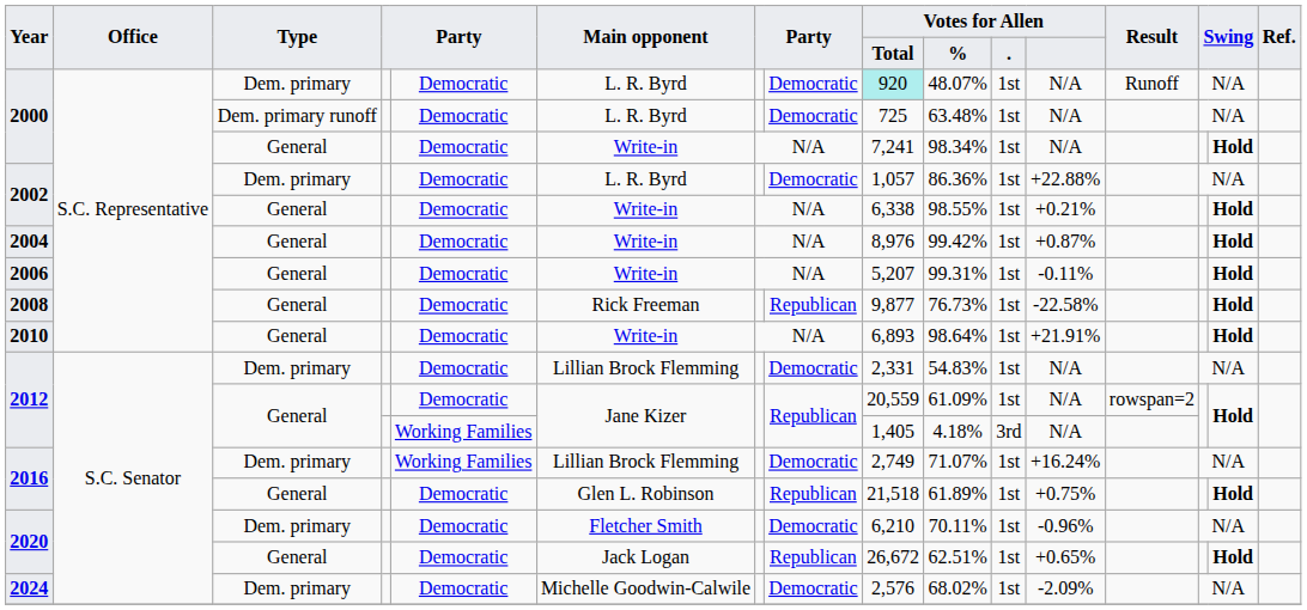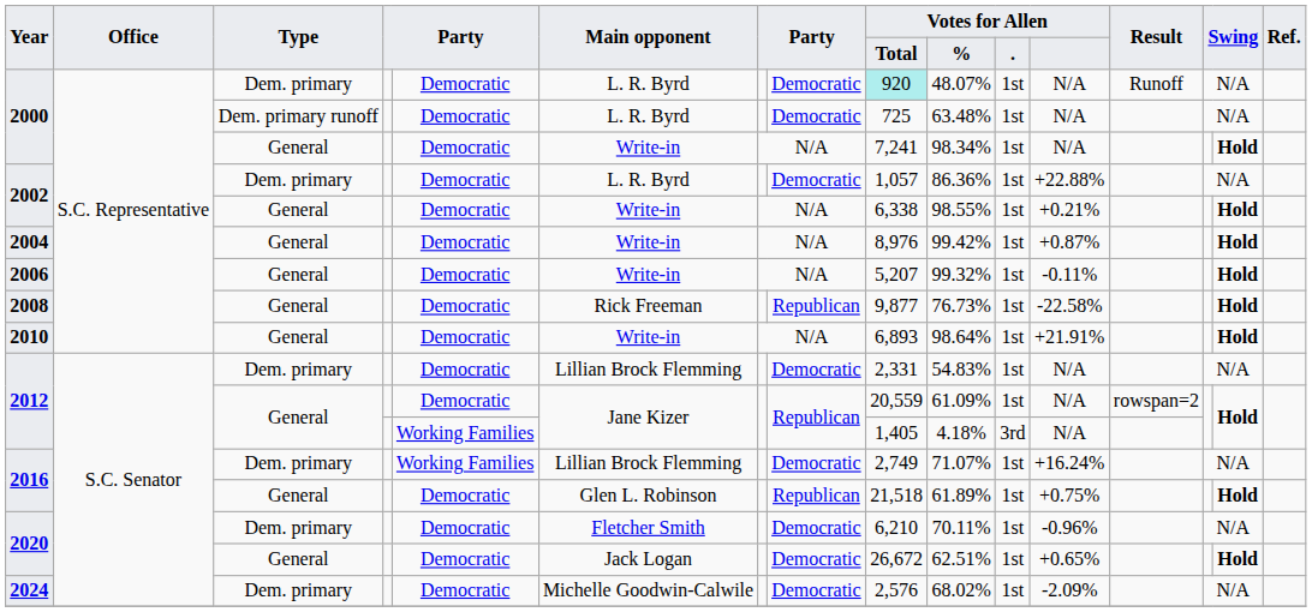 <table class="wikitable" style="font-size: 90%; text-align:center;">
 <tr>
 <th style="background-color:#EAECF0;" rowspan=2>Year</th>
 <th style="background-color:#EAECF0;" rowspan=2>Office</th>
 <th style="background-color:#EAECF0;" rowspan=2>Type</th>
 <th style="background-color:#EAECF0;" colspan=2 rowspan=2>Party</th>
 <th style="background-color:#EAECF0;" rowspan=2>Main opponent</th>
 <th style="background-color:#EAECF0;" colspan=2 rowspan=2>Party</th>
 <th style="background-color:#EAECF0;" colspan=4>Votes for Allen</th>
 <th style="background-color:#EAECF0;" rowspan=2>Result</th>
 <th style="background-color:#EAECF0;" colspan=2 rowspan=2><a href='#'>Swing</a></th>
 <th style="background-color:#EAECF0;" colspan=2 rowspan=2>Ref.</th>
 </tr>
 <tr>
 <th style="background-color:#EAECF0;">Total</th>
 <th style="background-color:#EAECF0;">%</th>
 <th style="background-color:#EAECF0;">.</th>
 <th style="background-color:#EAECF0;"></th>
 </tr>
 <tr>
 <th rowspan=3 style="background-color:#EAECF0;">2000</th>
 <td rowspan=9>S.C. Representative</td>
 <td>Dem. primary</td>
 <td style="background-color:"></td>
 <td><a href='#'>Democratic</a></td>
 <td>L. R. Byrd</td>
 <td style="background-color:"></td>
 <td><a href='#'>Democratic</a></td>
 <td style="background: paleturquoise;">920</td>
 <td>48.07%</td>
 <td>1st</td>
 <td>N/A</td>
 <td>Runoff</td>
 <td colspan=2>N/A</td>
 <td></td>
 </tr>
 <tr>
 <td>Dem. primary runoff</td>
 <td style="background-color:"></td>
 <td><a href='#'>Democratic</a></td>
 <td>L. R. Byrd</td>
 <td style="background-color:"></td>
 <td><a href='#'>Democratic</a></td>
 <td>725</td>
 <td>63.48%</td>
 <td>1st</td>
 <td>N/A</td>
 <td></td>
 <td colspan=2>N/A</td>
 <td></td>
 </tr>
 <tr>
 <td>General</td>
 <td style="background-color:"></td>
 <td><a href='#'>Democratic</a></td>
 <td><a href='#'>Write-in</a></td>
 <td colspan=2>N/A</td>
 <td>7,241</td>
 <td>98.34%</td>
 <td>1st</td>
 <td>N/A</td>
 <td></td>
 <td style="background-color:"></td>
 <td><strong>Hold</strong></td>
 <td></td>
 </tr>
 <tr>
 <th rowspan=2 style="background-color:#EAECF0;">2002</th>
 <td>Dem. primary</td>
 <td style="background-color:"></td>
 <td><a href='#'>Democratic</a></td>
 <td>L. R. Byrd</td>
 <td style="background-color:"></td>
 <td><a href='#'>Democratic</a></td>
 <td>1,057</td>
 <td>86.36%</td>
 <td>1st</td>
 <td>+22.88%</td>
 <td></td>
 <td colspan=2>N/A</td>
 <td></td>
 </tr>
 <tr>
 <td>General</td>
 <td style="background-color:"></td>
 <td><a href='#'>Democratic</a></td>
 <td><a href='#'>Write-in</a></td>
 <td colspan=2>N/A</td>
 <td>6,338</td>
 <td>98.55%</td>
 <td>1st</td>
 <td>+0.21%</td>
 <td></td>
 <td style="background-color:"></td>
 <td><strong>Hold</strong></td>
 <td></td>
 </tr>
 <tr>
 <th style="background-color:#EAECF0;">2004</th>
 <td>General</td>
 <td style="background-color:"></td>
 <td><a href='#'>Democratic</a></td>
 <td><a href='#'>Write-in</a></td>
 <td colspan=2>N/A</td>
 <td>8,976</td>
 <td>99.42%</td>
 <td>1st</td>
 <td>+0.87%</td>
 <td></td>
 <td style="background-color:"></td>
 <td><strong>Hold</strong></td>
 <td></td>
 </tr>
 <tr>
 <th style="background-color:#EAECF0;">2006</th>
 <td>General</td>
 <td style="background-color:"></td>
 <td><a href='#'>Democratic</a></td>
 <td><a href='#'>Write-in</a></td>
 <td colspan=2>N/A</td>
 <td>5,207</td>
-<td>99.31%</td>
+<td>99.32%</td>
 <td>1st</td>
 <td>-0.11%</td>
 <td></td>
 <td style="background-color:"></td>
 <td><strong>Hold</strong></td>
 <td></td>
 </tr>
 <tr>
 <th style="background-color:#EAECF0;">2008</th>
 <td>General</td>
 <td style="background-color:"></td>
 <td><a href='#'>Democratic</a></td>
 <td>Rick Freeman</td>
 <td style="background-color:"></td>
 <td><a href='#'>Republican</a></td>
 <td>9,877</td>
 <td>76.73%</td>
 <td>1st</td>
 <td>-22.58%</td>
 <td></td>
 <td style="background-color:"></td>
 <td><strong>Hold</strong></td>
 <td></td>
 </tr>
 <tr>
 <th style="background-color:#EAECF0;">2010</th>
 <td>General</td>
 <td style="background-color:"></td>
 <td><a href='#'>Democratic</a></td>
 <td><a href='#'>Write-in</a></td>
 <td colspan=2>N/A</td>
 <td>6,893</td>
 <td>98.64%</td>
 <td>1st</td>
 <td>+21.91%</td>
 <td></td>
 <td style="background-color:"></td>
 <td><strong>Hold</strong></td>
 <td></td>
 </tr>
 <tr>
 <th rowspan=3 style="background-color:#EAECF0;"><a href='#'>2012</a></th>
 <td rowspan=8>S.C. Senator</td>
 <td>Dem. primary</td>
 <td style="background-color:"></td>
 <td><a href='#'>Democratic</a></td>
 <td>Lillian Brock Flemming</td>
 <td style="background-color:"></td>
 <td><a href='#'>Democratic</a></td>
 <td>2,331</td>
 <td>54.83%</td>
 <td>1st</td>
 <td>N/A</td>
 <td></td>
 <td colspan=2>N/A</td>
 <td></td>
 </tr>
 <tr>
 <td rowspan=2>General</td>
 <td style="background-color:"></td>
 <td><a href='#'>Democratic</a></td>
 <td rowspan=2>Jane Kizer</td>
 <td rowspan=2 style="background-color:"></td>
 <td rowspan=2><a href='#'>Republican</a></td>
 <td>20,559</td>
 <td>61.09%</td>
 <td>1st</td>
 <td>N/A</td>
 <td>rowspan=2 </td>
 <td rowspan=2 style="background-color:"></td>
 <td rowspan=2><strong>Hold</strong></td>
 <td rowspan=2></td>
 </tr>
 <tr>
 <td style="background-color:"></td>
 <td><a href='#'>Working Families</a></td>
 <td>1,405</td>
 <td>4.18%</td>
 <td>3rd</td>
 <td>N/A</td>
 </tr>
 <tr>
 <th rowspan=2 style="background-color:#EAECF0;"><a href='#'>2016</a></th>
 <td>Dem. primary</td>
 <td style="background-color:"></td>
 <td><a href='#'>Working Families</a></td>
 <td>Lillian Brock Flemming</td>
 <td style="background-color:"></td>
 <td><a href='#'>Democratic</a></td>
 <td>2,749</td>
 <td>71.07%</td>
 <td>1st</td>
 <td>+16.24%</td>
 <td></td>
 <td colspan=2>N/A</td>
 <td></td>
 </tr>
 <tr>
 <td>General</td>
 <td style="background-color:"></td>
 <td><a href='#'>Democratic</a></td>
 <td>Glen L. Robinson</td>
 <td style="background-color:"></td>
 <td><a href='#'>Republican</a></td>
 <td>21,518</td>
 <td>61.89%</td>
 <td>1st</td>
 <td>+0.75%</td>
 <td></td>
 <td style="background-color:"></td>
 <td><strong>Hold</strong></td>
 <td></td>
 </tr>
 <tr>
 <th rowspan=2 style="background-color:#EAECF0;"><a href='#'>2020</a></th>
 <td>Dem. primary</td>
 <td style="background-color:"></td>
 <td><a href='#'>Democratic</a></td>
 <td><a href='#'>Fletcher Smith</a></td>
 <td style="background-color:"></td>
 <td><a href='#'>Democratic</a></td>
 <td>6,210</td>
 <td>70.11%</td>
 <td>1st</td>
 <td>-0.96%</td>
 <td></td>
 <td colspan=2>N/A</td>
 <td></td>
 </tr>
 <tr>
 <td>General</td>
 <td style="background-color:"></td>
 <td><a href='#'>Democratic</a></td>
 <td>Jack Logan</td>
 <td style="background-color:"></td>
-<td><a href='#'>Republican</a></td>
+<td><a href='#'>Democratic</a></td>
 <td>26,672</td>
 <td>62.51%</td>
 <td>1st</td>
 <td>+0.65%</td>
 <td></td>
 <td style="background-color:"></td>
 <td><strong>Hold</strong></td>
 <td></td>
 </tr>
 <tr>
 <th style="background-color:#EAECF0;"><a href='#'>2024</a></th>
 <td>Dem. primary</td>
 <td style="background-color:"></td>
 <td><a href='#'>Democratic</a></td>
 <td>Michelle Goodwin-Calwile</td>
 <td style="background-color:"></td>
 <td><a href='#'>Democratic</a></td>
 <td>2,576</td>
 <td>68.02%</td>
 <td>1st</td>
 <td>-2.09%</td>
 <td></td>
 <td colspan=2>N/A</td>
 <td></td>
 </tr>
 <tr>
 </tr>
 </table>
